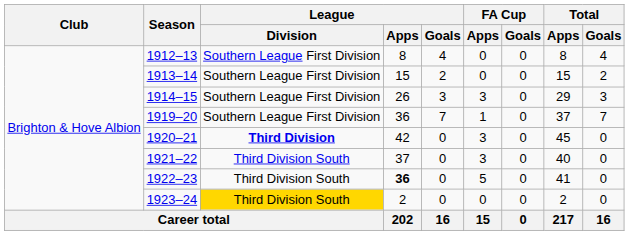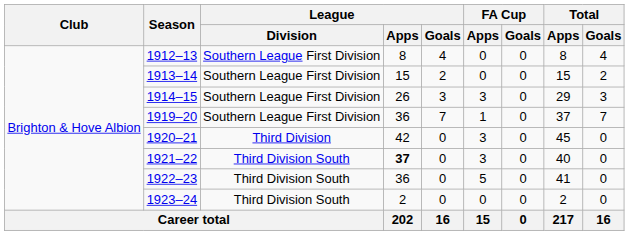 <table class="wikitable" style="text-align: center;">
 <tr>
 <th rowspan="2">Club</th>
 <th rowspan="2">Season</th>
 <th colspan="3">League</th>
 <th colspan="2">FA Cup</th>
 <th colspan="2">Total</th>
 </tr>
 <tr>
 <th>Division</th>
 <th>Apps</th>
 <th>Goals</th>
 <th>Apps</th>
 <th>Goals</th>
 <th>Apps</th>
 <th>Goals</th>
 </tr>
 <tr>
 <td rowspan=8><a href='#'>Brighton & Hove Albion</a></td>
 <td><a href='#'>1912–13</a></td>
 <td><a href='#'>Southern League</a> First Division</td>
 <td>8</td>
 <td>4</td>
 <td>0</td>
 <td>0</td>
 <td>8</td>
 <td>4</td>
 </tr>
 <tr>
 <td><a href='#'>1913–14</a></td>
 <td>Southern League First Division</td>
 <td>15</td>
 <td>2</td>
 <td>0</td>
 <td>0</td>
 <td>15</td>
 <td>2</td>
 </tr>
 <tr>
 <td><a href='#'>1914–15</a></td>
 <td>Southern League First Division</td>
 <td>26</td>
 <td>3</td>
 <td>3</td>
 <td>0</td>
 <td>29</td>
 <td>3</td>
 </tr>
 <tr>
 <td><a href='#'>1919–20</a></td>
 <td>Southern League First Division</td>
 <td>36</td>
 <td>7</td>
 <td>1</td>
 <td>0</td>
 <td>37</td>
 <td>7</td>
 </tr>
 <tr>
 <td><a href='#'>1920–21</a></td>
-<td><strong><a href='#'>Third Division</a></strong></td>
+<td><a href='#'>Third Division</a></td>
 <td>42</td>
 <td>0</td>
 <td>3</td>
 <td>0</td>
 <td>45</td>
 <td>0</td>
 </tr>
 <tr>
 <td><a href='#'>1921–22</a></td>
 <td><a href='#'>Third Division South</a></td>
-<td>37</td>
+<td><strong>37</strong></td>
 <td>0</td>
 <td>3</td>
 <td>0</td>
 <td>40</td>
 <td>0</td>
 </tr>
 <tr>
 <td><a href='#'>1922–23</a></td>
 <td>Third Division South</td>
-<td><strong>36</strong></td>
+<td>36</td>
 <td>0</td>
 <td>5</td>
 <td>0</td>
 <td>41</td>
 <td>0</td>
 </tr>
 <tr>
 <td><a href='#'>1923–24</a></td>
-<td style="background: gold;">Third Division South</td>
+<td>Third Division South</td>
 <td>2</td>
 <td>0</td>
 <td>0</td>
 <td>0</td>
 <td>2</td>
 <td>0</td>
 </tr>
 <tr>
 <th colspan=3>Career total</th>
 <th>202</th>
 <th>16</th>
 <th>15</th>
 <th>0</th>
 <th>217</th>
 <th>16</th>
 </tr>
 </table>
